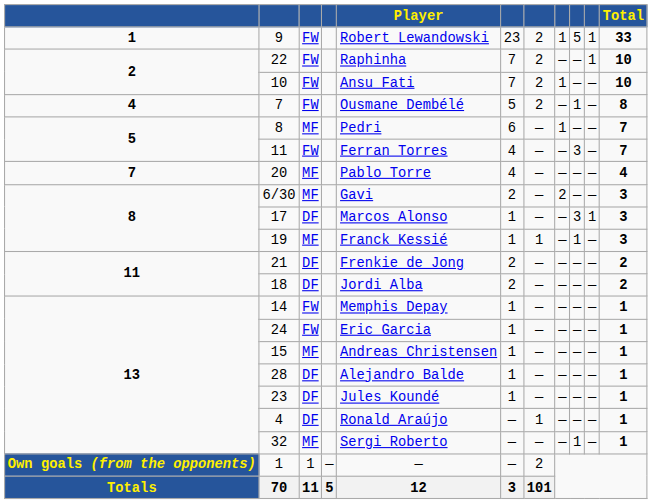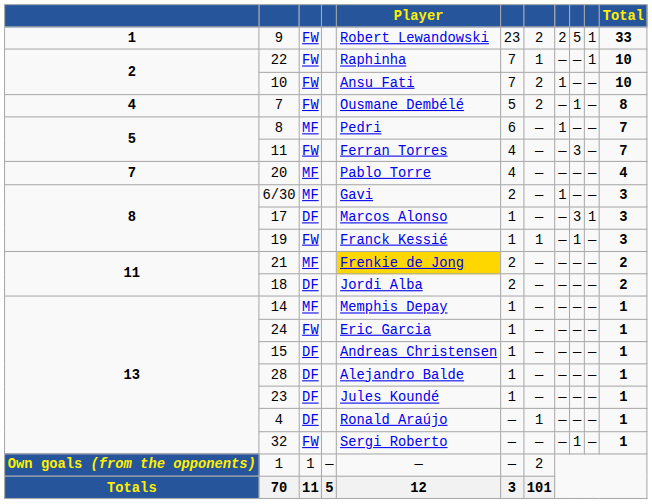 <table class="wikitable" style="text-align:center">
 <tr>
 <th style="background:#26559B; color:#FFF000; "></th>
 <th style="background:#26559B; color:#FFF000; "></th>
 <th style="background:#26559B; color:#FFF000; "></th>
 <th style="background:#26559B; color:#FFF000; "></th>
 <th style="background:#26559B; color:#FFF000; ">Player</th>
 <th style="background:#26559B; color:#FFF000; "></th>
 <th style="background:#26559B; color:#FFF000; "></th>
 <th style="background:#26559B; color:#FFF000; "></th>
 <th style="background:#26559B; color:#FFF000; "></th>
 <th style="background:#26559B; color:#FFF000; "></th>
 <th style="background:#26559B; color:#FFF000; ">Total</th>
 </tr>
 <tr>
 <td><strong>1</strong></td>
 <td>9</td>
 <td><a href='#'>FW</a></td>
 <td></td>
 <td align=left><a href='#'>Robert Lewandowski</a></td>
 <td>23</td>
 <td>2</td>
-<td>1</td>
+<td>2</td>
 <td>5</td>
 <td>1</td>
 <td><strong>33</strong></td>
 </tr>
 <tr>
 <td rowspan="2"><strong>2</strong></td>
 <td>22</td>
 <td><a href='#'>FW</a></td>
 <td></td>
 <td align="left"><a href='#'>Raphinha</a></td>
 <td>7</td>
-<td>2</td>
+<td>1</td>
 <td>—</td>
 <td>—</td>
 <td>1</td>
 <td><strong>10</strong></td>
 </tr>
 <tr>
 <td>10</td>
 <td><a href='#'>FW</a></td>
 <td></td>
 <td align="left"><a href='#'>Ansu Fati</a></td>
 <td>7</td>
 <td>2</td>
 <td>1</td>
 <td>—</td>
 <td>—</td>
 <td><strong>10</strong></td>
 </tr>
 <tr>
 <td><strong>4</strong></td>
 <td>7</td>
 <td><a href='#'>FW</a></td>
 <td></td>
 <td align="left"><a href='#'>Ousmane Dembélé</a></td>
 <td>5</td>
 <td>2</td>
 <td>—</td>
 <td>1</td>
 <td>—</td>
 <td><strong>8</strong></td>
 </tr>
 <tr>
 <td rowspan="2"><strong>5</strong></td>
 <td>8</td>
 <td><a href='#'>MF</a></td>
 <td></td>
 <td align="left"><a href='#'>Pedri</a></td>
 <td>6</td>
 <td>—</td>
 <td>1</td>
 <td>—</td>
 <td>—</td>
 <td><strong>7</strong></td>
 </tr>
 <tr>
 <td>11</td>
 <td><a href='#'>FW</a></td>
 <td></td>
 <td align="left"><a href='#'>Ferran Torres</a></td>
 <td>4</td>
 <td>—</td>
 <td>—</td>
 <td>3</td>
 <td>—</td>
 <td><strong>7</strong></td>
 </tr>
 <tr>
 <td><strong>7</strong></td>
 <td>20</td>
 <td><a href='#'>MF</a></td>
 <td></td>
 <td align=left><a href='#'>Pablo Torre</a></td>
 <td>4</td>
 <td>—</td>
 <td>—</td>
 <td>—</td>
 <td>—</td>
 <td><strong>4</strong></td>
 </tr>
 <tr>
 <td rowspan="3"><strong>8</strong></td>
 <td>6/30</td>
 <td><a href='#'>MF</a></td>
 <td></td>
 <td align="left"><a href='#'>Gavi</a></td>
 <td>2</td>
 <td>—</td>
-<td>2</td>
+<td>1</td>
 <td>—</td>
 <td>—</td>
 <td><strong>3</strong></td>
 </tr>
 <tr>
 <td>17</td>
 <td><a href='#'>DF</a></td>
 <td></td>
 <td align="left"><a href='#'>Marcos Alonso</a></td>
 <td>1</td>
 <td>—</td>
 <td>—</td>
 <td>3</td>
 <td>1</td>
 <td><strong>3</strong></td>
 </tr>
 <tr>
 <td>19</td>
-<td><a href='#'>MF</a></td>
+<td><a href='#'>FW</a></td>
 <td></td>
 <td align="left"><a href='#'>Franck Kessié</a></td>
 <td>1</td>
 <td>1</td>
 <td>—</td>
 <td>1</td>
 <td>—</td>
 <td><strong>3</strong></td>
 </tr>
 <tr>
 <td rowspan="2"><strong>11</strong></td>
 <td>21</td>
-<td><a href='#'>DF</a></td>
+<td><a href='#'>MF</a></td>
 <td></td>
-<td align="left"><a href='#'>Frenkie de Jong</a></td>
+<td align="left" style="background: gold;"><a href='#'>Frenkie de Jong</a></td>
 <td>2</td>
 <td>—</td>
 <td>—</td>
 <td>—</td>
 <td>—</td>
 <td><strong>2</strong></td>
 </tr>
 <tr>
 <td>18</td>
 <td><a href='#'>DF</a></td>
 <td></td>
 <td align="left"><a href='#'>Jordi Alba</a></td>
 <td>2</td>
 <td>—</td>
 <td>—</td>
 <td>—</td>
 <td>—</td>
 <td><strong>2</strong></td>
 </tr>
 <tr>
 <td rowspan="7"><strong>13</strong></td>
 <td>14</td>
-<td><a href='#'>FW</a></td>
+<td><a href='#'>MF</a></td>
 <td></td>
 <td align="left"><a href='#'>Memphis Depay</a></td>
 <td>1</td>
 <td>—</td>
 <td>—</td>
 <td>—</td>
 <td>—</td>
 <td><strong>1</strong></td>
 </tr>
 <tr>
 <td>24</td>
 <td><a href='#'>FW</a></td>
 <td></td>
 <td align="left"><a href='#'>Eric Garcia</a></td>
 <td>1</td>
 <td>—</td>
 <td>—</td>
 <td>—</td>
 <td>—</td>
 <td><strong>1</strong></td>
 </tr>
 <tr>
 <td>15</td>
-<td><a href='#'>MF</a></td>
+<td><a href='#'>DF</a></td>
 <td></td>
 <td align="left"><a href='#'>Andreas Christensen</a></td>
 <td>1</td>
 <td>—</td>
 <td>—</td>
 <td>—</td>
 <td>—</td>
 <td><strong>1</strong></td>
 </tr>
 <tr>
 <td>28</td>
 <td><a href='#'>DF</a></td>
 <td></td>
 <td align="left"><a href='#'>Alejandro Balde</a></td>
 <td>1</td>
 <td>—</td>
 <td>—</td>
 <td>—</td>
 <td>—</td>
 <td><strong>1</strong></td>
 </tr>
 <tr>
 <td>23</td>
 <td><a href='#'>DF</a></td>
 <td></td>
 <td align="left"><a href='#'>Jules Koundé</a></td>
 <td>1</td>
 <td>—</td>
 <td>—</td>
 <td>—</td>
 <td>—</td>
 <td><strong>1</strong></td>
 </tr>
 <tr>
 <td>4</td>
 <td><a href='#'>DF</a></td>
 <td></td>
 <td align="left"><a href='#'>Ronald Araújo</a></td>
 <td>—</td>
 <td>1</td>
 <td>—</td>
 <td>—</td>
 <td>—</td>
 <td><strong>1</strong></td>
 </tr>
 <tr>
 <td>32</td>
-<td><a href='#'>MF</a></td>
+<td><a href='#'>FW</a></td>
 <td></td>
 <td align="left"><a href='#'>Sergi Roberto</a></td>
 <td>—</td>
 <td>—</td>
 <td>—</td>
 <td>1</td>
 <td>—</td>
 <td><strong>1</strong></td>
 </tr>
 <tr>
 <td style="background:#26559B; color:#FFF000; "><strong>Own goals <em>(from the opponents)<strong><em></td>
 <td>1</td>
 <td>1</td>
 <td>—</td>
 <td>—</td>
 <td>—</td>
 <td></strong>2<strong></td>
 </tr>
 <tr>
 <th style="background:#26559B; color:#FFF000; "></strong>Totals<strong></th>
 <th></strong>70<strong></th>
 <th></strong>11<strong></th>
 <th></strong>5<strong></th>
 <th></strong>12<strong></th>
 <th></strong>3<strong></th>
 <th></strong>101<strong></th>
 </tr>
 </table>
